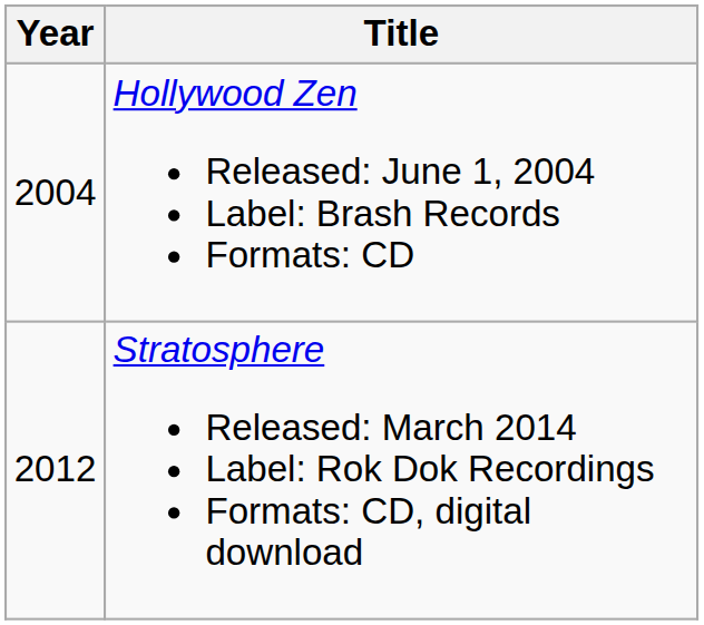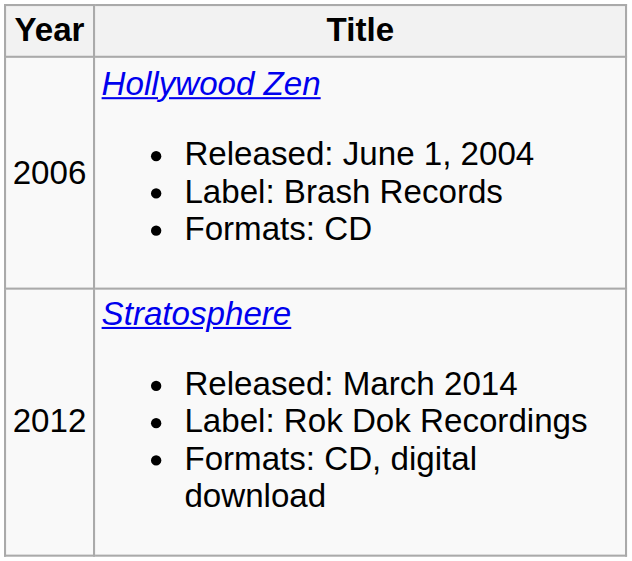 <table class="wikitable">
 <tr>
 <th>Year</th>
 <th width="250">Title</th>
 </tr>
 <tr>
-<td>2004</td>
+<td>2006</td>
 <td><em><a href='#'>Hollywood Zen</a></em><br><ul><li>Released: June 1, 2004</li><li>Label: Brash Records</li><li>Formats: CD</li></ul></td>
 </tr>
 <tr>
 <td>2012</td>
 <td><em><a href='#'>Stratosphere</a></em><br><ul><li>Released: March 2014</li><li>Label: Rok Dok Recordings</li><li>Formats: CD, digital download</li></ul></td>
 </tr>
 </table>
